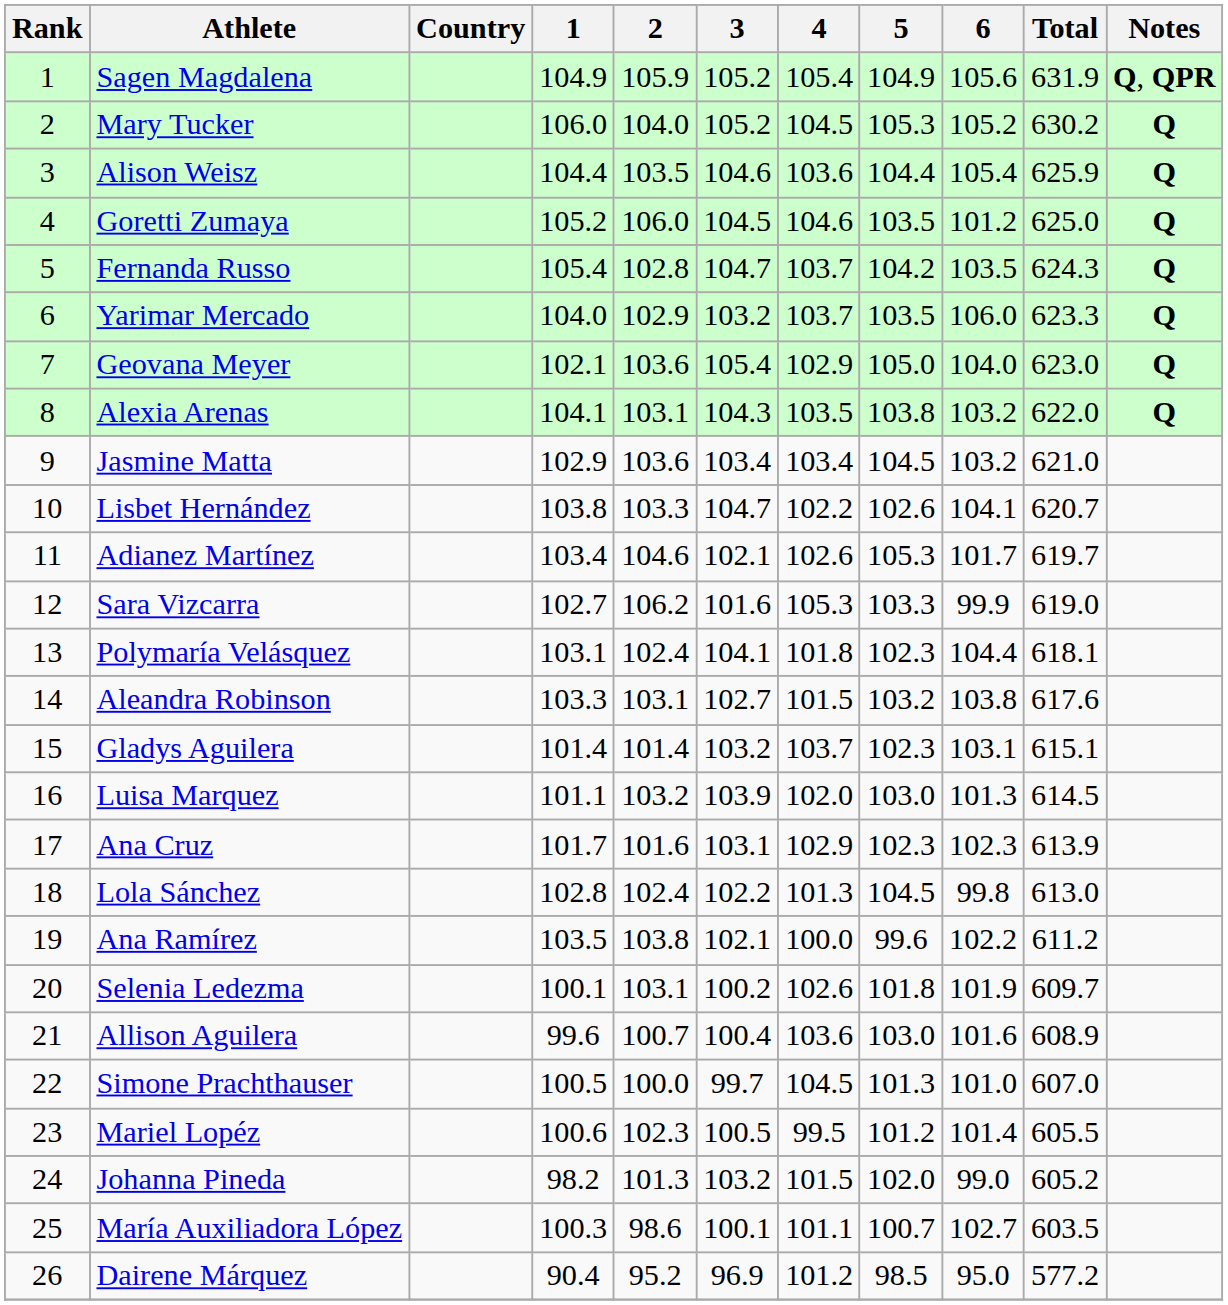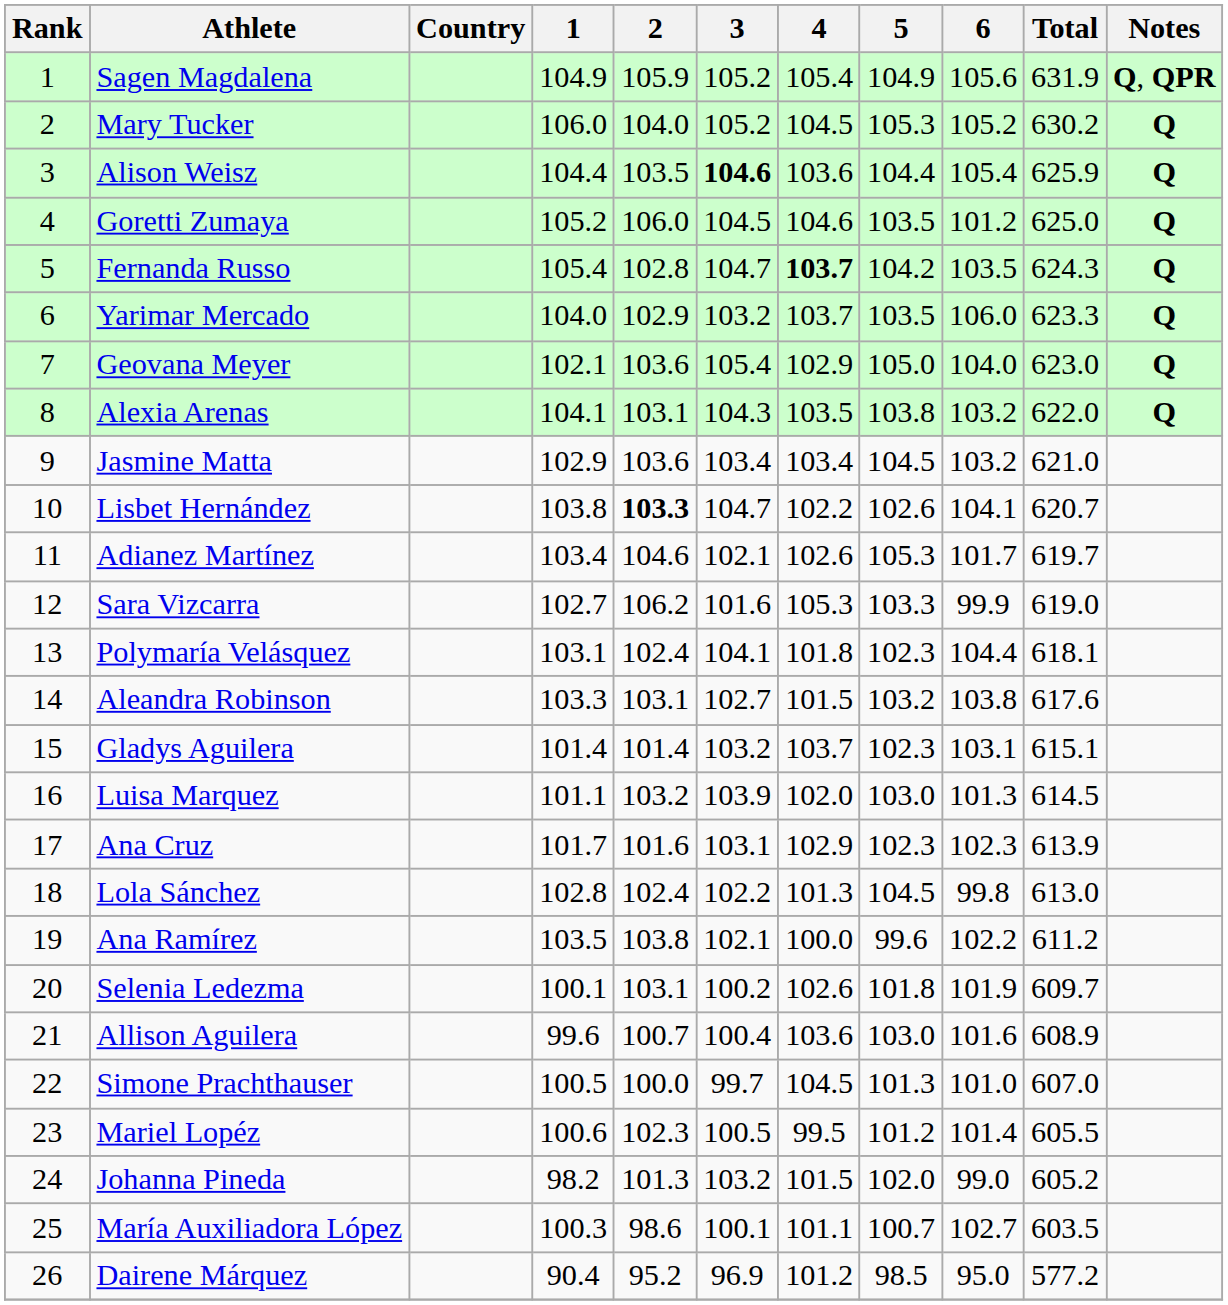 <table class="wikitable sortable" style="text-align:center">
 <tr>
 <th>Rank</th>
 <th>Athlete</th>
 <th>Country</th>
 <th>1</th>
 <th>2</th>
 <th>3</th>
 <th>4</th>
 <th>5</th>
 <th>6</th>
 <th>Total</th>
 <th>Notes</th>
 </tr>
 <tr bgcolor=#ccffcc>
 <td>1</td>
 <td align=left><a href='#'>Sagen Magdalena</a></td>
 <td align=left></td>
 <td>104.9</td>
 <td>105.9</td>
 <td>105.2</td>
 <td>105.4</td>
 <td>104.9</td>
 <td>105.6</td>
 <td>631.9</td>
 <td><strong>Q</strong>, <strong>QPR</strong></td>
 </tr>
 <tr bgcolor=#ccffcc>
 <td>2</td>
 <td align=left><a href='#'>Mary Tucker</a></td>
 <td align=left></td>
 <td>106.0</td>
 <td>104.0</td>
 <td>105.2</td>
 <td>104.5</td>
 <td>105.3</td>
 <td>105.2</td>
 <td>630.2</td>
 <td><strong>Q</strong></td>
 </tr>
 <tr bgcolor=#ccffcc>
 <td>3</td>
 <td align=left><a href='#'>Alison Weisz</a></td>
 <td align=left></td>
 <td>104.4</td>
 <td>103.5</td>
-<td>104.6</td>
+<td><strong>104.6</strong></td>
 <td>103.6</td>
 <td>104.4</td>
 <td>105.4</td>
 <td>625.9</td>
 <td><strong>Q</strong></td>
 </tr>
 <tr bgcolor=#ccffcc>
 <td>4</td>
 <td align=left><a href='#'>Goretti Zumaya</a></td>
 <td align=left></td>
 <td>105.2</td>
 <td>106.0</td>
 <td>104.5</td>
 <td>104.6</td>
 <td>103.5</td>
 <td>101.2</td>
 <td>625.0</td>
 <td><strong>Q</strong></td>
 </tr>
 <tr bgcolor=#ccffcc>
 <td>5</td>
 <td align=left><a href='#'>Fernanda Russo</a></td>
 <td align=left></td>
 <td>105.4</td>
 <td>102.8</td>
 <td>104.7</td>
-<td>103.7</td>
+<td><strong>103.7</strong></td>
 <td>104.2</td>
 <td>103.5</td>
 <td>624.3</td>
 <td><strong>Q</strong></td>
 </tr>
 <tr bgcolor=#ccffcc>
 <td>6</td>
 <td align=left><a href='#'>Yarimar Mercado</a></td>
 <td align=left></td>
 <td>104.0</td>
 <td>102.9</td>
 <td>103.2</td>
 <td>103.7</td>
 <td>103.5</td>
 <td>106.0</td>
 <td>623.3</td>
 <td><strong>Q</strong></td>
 </tr>
 <tr bgcolor=#ccffcc>
 <td>7</td>
 <td align=left><a href='#'>Geovana Meyer</a></td>
 <td align=left></td>
 <td>102.1</td>
 <td>103.6</td>
 <td>105.4</td>
 <td>102.9</td>
 <td>105.0</td>
 <td>104.0</td>
 <td>623.0</td>
 <td><strong>Q</strong></td>
 </tr>
 <tr bgcolor=#ccffcc>
 <td>8</td>
 <td align=left><a href='#'>Alexia Arenas</a></td>
 <td align=left></td>
 <td>104.1</td>
 <td>103.1</td>
 <td>104.3</td>
 <td>103.5</td>
 <td>103.8</td>
 <td>103.2</td>
 <td>622.0</td>
 <td><strong>Q</strong></td>
 </tr>
 <tr>
 <td>9</td>
 <td align=left><a href='#'>Jasmine Matta</a></td>
 <td align=left></td>
 <td>102.9</td>
 <td>103.6</td>
 <td>103.4</td>
 <td>103.4</td>
 <td>104.5</td>
 <td>103.2</td>
 <td>621.0</td>
 <td></td>
 </tr>
 <tr>
 <td>10</td>
 <td align=left><a href='#'>Lisbet Hernández</a></td>
 <td align=left></td>
 <td>103.8</td>
-<td>103.3</td>
+<td><strong>103.3</strong></td>
 <td>104.7</td>
 <td>102.2</td>
 <td>102.6</td>
 <td>104.1</td>
 <td>620.7</td>
 <td></td>
 </tr>
 <tr>
 <td>11</td>
 <td align=left><a href='#'>Adianez Martínez</a></td>
 <td align=left></td>
 <td>103.4</td>
 <td>104.6</td>
 <td>102.1</td>
 <td>102.6</td>
 <td>105.3</td>
 <td>101.7</td>
 <td>619.7</td>
 <td></td>
 </tr>
 <tr>
 <td>12</td>
 <td align=left><a href='#'>Sara Vizcarra</a></td>
 <td align=left></td>
 <td>102.7</td>
 <td>106.2</td>
 <td>101.6</td>
 <td>105.3</td>
 <td>103.3</td>
 <td>99.9</td>
 <td>619.0</td>
 <td></td>
 </tr>
 <tr>
 <td>13</td>
 <td align=left><a href='#'>Polymaría Velásquez</a></td>
 <td align=left></td>
 <td>103.1</td>
 <td>102.4</td>
 <td>104.1</td>
 <td>101.8</td>
 <td>102.3</td>
 <td>104.4</td>
 <td>618.1</td>
 <td></td>
 </tr>
 <tr>
 <td>14</td>
 <td align=left><a href='#'>Aleandra Robinson</a></td>
 <td align=left></td>
 <td>103.3</td>
 <td>103.1</td>
 <td>102.7</td>
 <td>101.5</td>
 <td>103.2</td>
 <td>103.8</td>
 <td>617.6</td>
 <td></td>
 </tr>
 <tr>
 <td>15</td>
 <td align=left><a href='#'>Gladys Aguilera</a></td>
 <td align=left></td>
 <td>101.4</td>
 <td>101.4</td>
 <td>103.2</td>
 <td>103.7</td>
 <td>102.3</td>
 <td>103.1</td>
 <td>615.1</td>
 <td></td>
 </tr>
 <tr>
 <td>16</td>
 <td align=left><a href='#'>Luisa Marquez</a></td>
 <td align=left></td>
 <td>101.1</td>
 <td>103.2</td>
 <td>103.9</td>
 <td>102.0</td>
 <td>103.0</td>
 <td>101.3</td>
 <td>614.5</td>
 <td></td>
 </tr>
 <tr>
 <td>17</td>
 <td align=left><a href='#'>Ana Cruz</a></td>
 <td align=left></td>
 <td>101.7</td>
 <td>101.6</td>
 <td>103.1</td>
 <td>102.9</td>
 <td>102.3</td>
 <td>102.3</td>
 <td>613.9</td>
 <td></td>
 </tr>
 <tr>
 <td>18</td>
 <td align=left><a href='#'>Lola Sánchez</a></td>
 <td align=left></td>
 <td>102.8</td>
 <td>102.4</td>
 <td>102.2</td>
 <td>101.3</td>
 <td>104.5</td>
 <td>99.8</td>
 <td>613.0</td>
 <td></td>
 </tr>
 <tr>
 <td>19</td>
 <td align=left><a href='#'>Ana Ramírez</a></td>
 <td align=left></td>
 <td>103.5</td>
 <td>103.8</td>
 <td>102.1</td>
 <td>100.0</td>
 <td>99.6</td>
 <td>102.2</td>
 <td>611.2</td>
 <td></td>
 </tr>
 <tr>
 <td>20</td>
 <td align=left><a href='#'>Selenia Ledezma</a></td>
 <td align=left></td>
 <td>100.1</td>
 <td>103.1</td>
 <td>100.2</td>
 <td>102.6</td>
 <td>101.8</td>
 <td>101.9</td>
 <td>609.7</td>
 <td></td>
 </tr>
 <tr>
 <td>21</td>
 <td align=left><a href='#'>Allison Aguilera</a></td>
 <td align=left></td>
 <td>99.6</td>
 <td>100.7</td>
 <td>100.4</td>
 <td>103.6</td>
 <td>103.0</td>
 <td>101.6</td>
 <td>608.9</td>
 <td></td>
 </tr>
 <tr>
 <td>22</td>
 <td align=left><a href='#'>Simone Prachthauser</a></td>
 <td align=left></td>
 <td>100.5</td>
 <td>100.0</td>
 <td>99.7</td>
 <td>104.5</td>
 <td>101.3</td>
 <td>101.0</td>
 <td>607.0</td>
 <td></td>
 </tr>
 <tr>
 <td>23</td>
 <td align=left><a href='#'>Mariel Lopéz</a></td>
 <td align=left></td>
 <td>100.6</td>
 <td>102.3</td>
 <td>100.5</td>
 <td>99.5</td>
 <td>101.2</td>
 <td>101.4</td>
 <td>605.5</td>
 <td></td>
 </tr>
 <tr>
 <td>24</td>
 <td align=left><a href='#'>Johanna Pineda</a></td>
 <td align=left></td>
 <td>98.2</td>
 <td>101.3</td>
 <td>103.2</td>
 <td>101.5</td>
 <td>102.0</td>
 <td>99.0</td>
 <td>605.2</td>
 <td></td>
 </tr>
 <tr>
 <td>25</td>
 <td align=left><a href='#'>María Auxiliadora López</a></td>
 <td align=left></td>
 <td>100.3</td>
 <td>98.6</td>
 <td>100.1</td>
 <td>101.1</td>
 <td>100.7</td>
 <td>102.7</td>
 <td>603.5</td>
 <td></td>
 </tr>
 <tr>
 <td>26</td>
 <td align=left><a href='#'>Dairene Márquez</a></td>
 <td align=left></td>
 <td>90.4</td>
 <td>95.2</td>
 <td>96.9</td>
 <td>101.2</td>
 <td>98.5</td>
 <td>95.0</td>
 <td>577.2</td>
 <td></td>
 </tr>
 <tr>
 </tr>
 </table>
